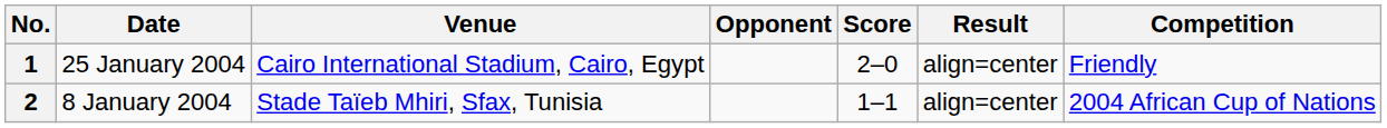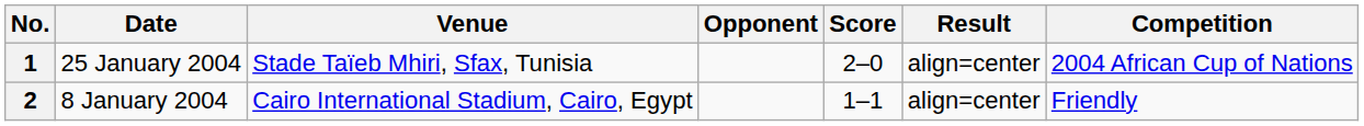 <table class="wikitable sortable">
 <tr>
 <th scope="col">No.</th>
 <th scope="col">Date</th>
 <th scope="col">Venue</th>
 <th scope="col">Opponent</th>
 <th scope="col">Score</th>
 <th scope="col">Result</th>
 <th scope="col">Competition</th>
 </tr>
 <tr>
 <th scope="row">1</th>
 <td>25 January 2004</td>
-<td><a href='#'>Cairo International Stadium</a>, <a href='#'>Cairo</a>, Egypt</td>
+<td><a href='#'>Stade Taïeb Mhiri</a>, <a href='#'>Sfax</a>, Tunisia</td>
 <td></td>
 <td align=center>2–0</td>
 <td>align=center </td>
-<td><a href='#'>Friendly</a></td>
+<td><a href='#'>2004 African Cup of Nations</a></td>
 </tr>
 <tr>
 <th scope="row">2</th>
 <td>8 January 2004</td>
-<td><a href='#'>Stade Taïeb Mhiri</a>, <a href='#'>Sfax</a>, Tunisia</td>
+<td><a href='#'>Cairo International Stadium</a>, <a href='#'>Cairo</a>, Egypt</td>
 <td></td>
 <td align=center>1–1</td>
 <td>align=center </td>
-<td><a href='#'>2004 African Cup of Nations</a></td>
+<td><a href='#'>Friendly</a></td>
 </tr>
 </table>
